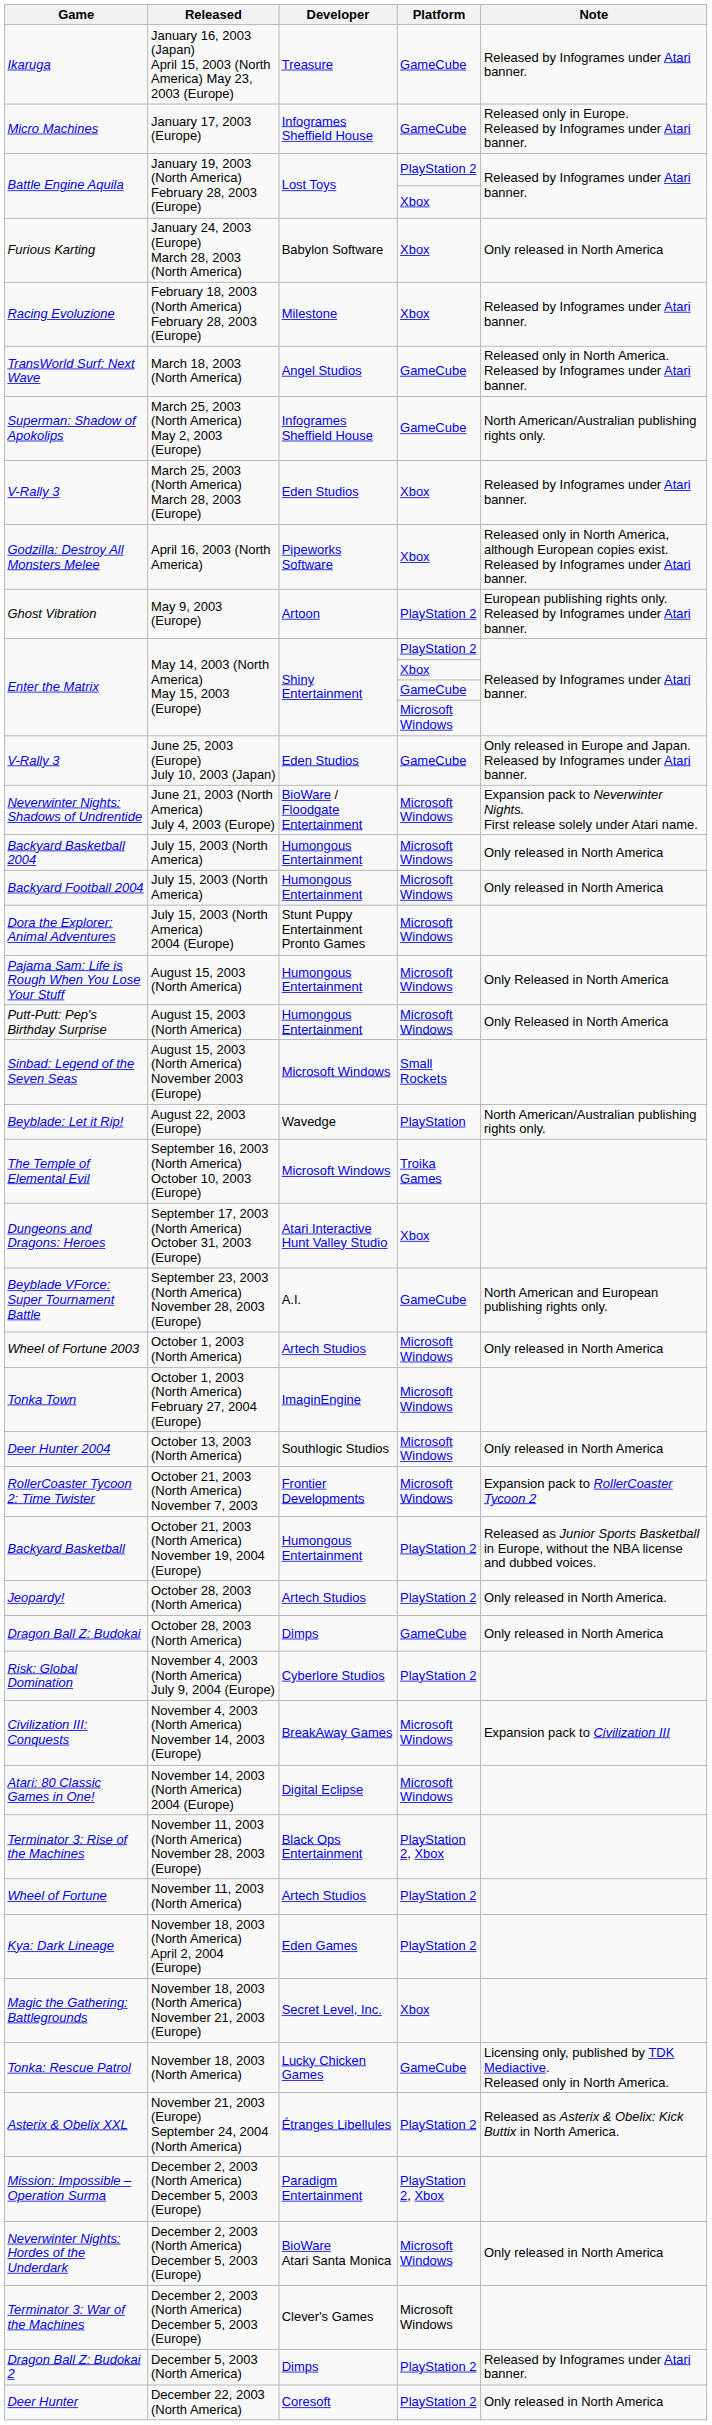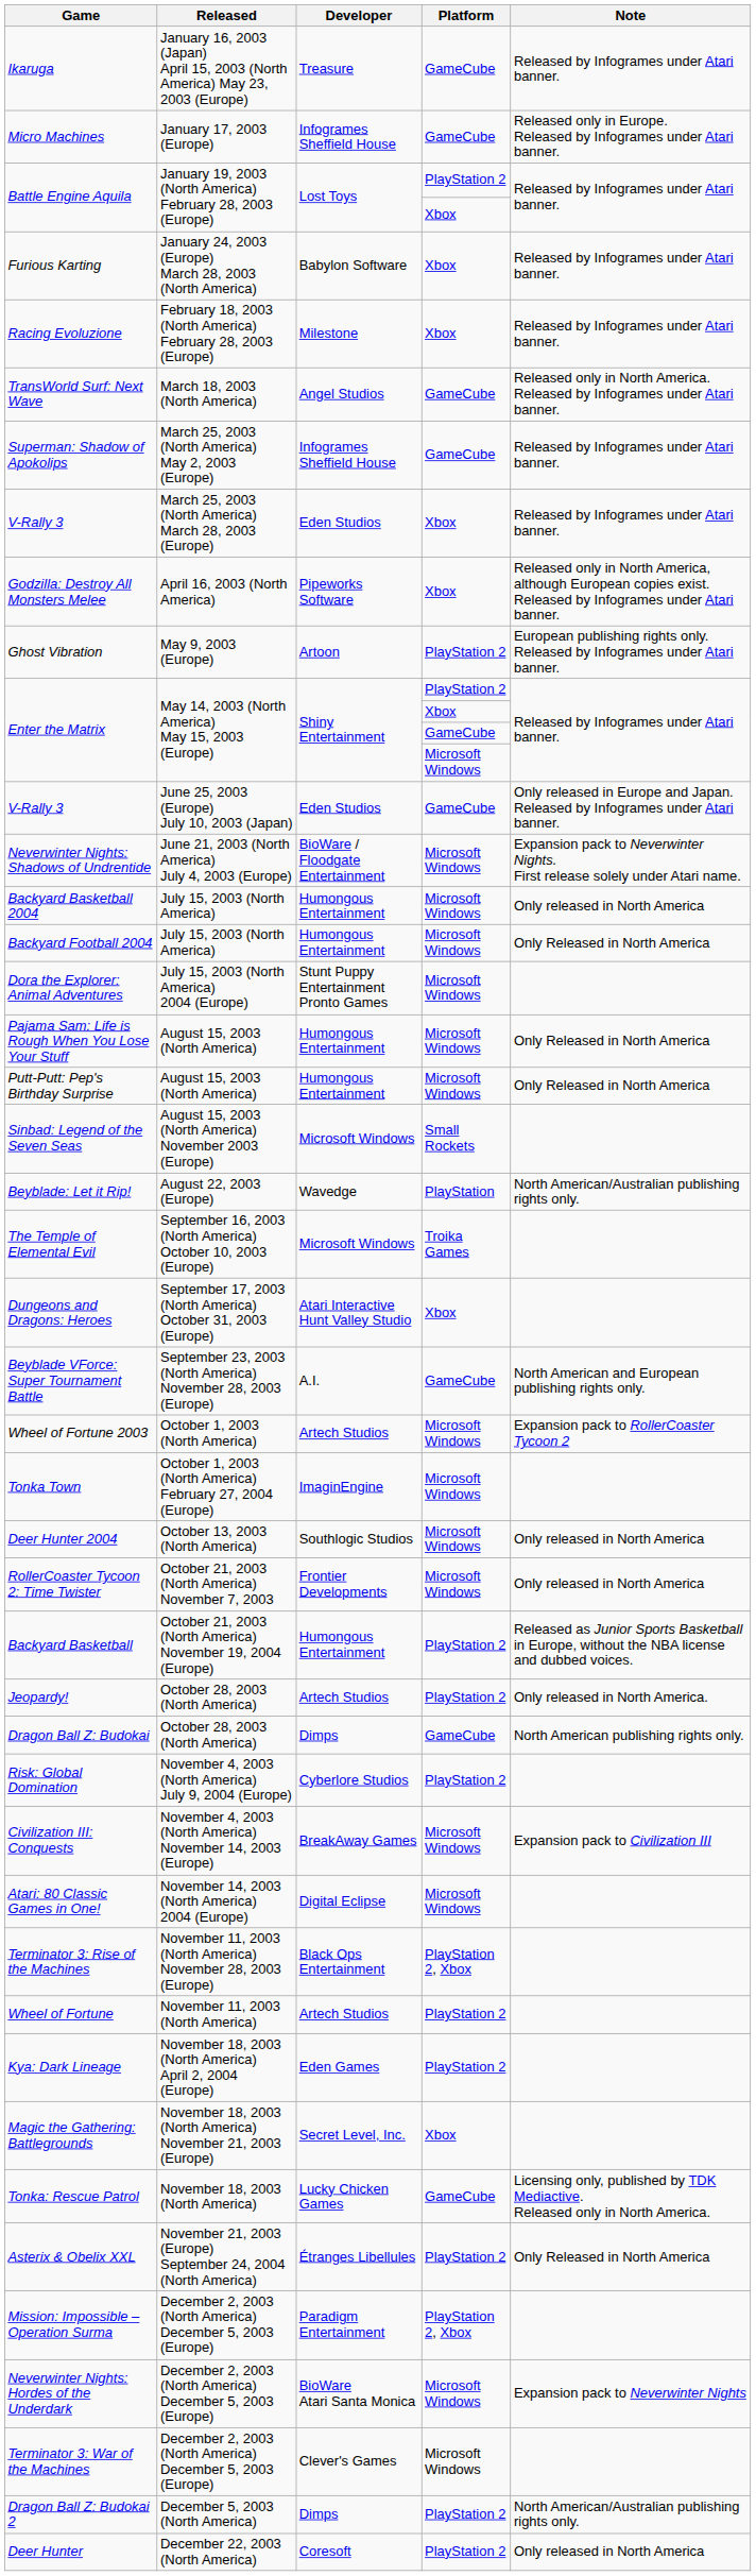 <table class="wikitable sortable">
 <tr>
 <th>Game</th>
 <th>Released</th>
 <th>Developer</th>
 <th>Platform</th>
 <th>Note</th>
 </tr>
 <tr>
 <td><em><a href='#'>Ikaruga</a></em></td>
 <td>January 16, 2003 (Japan)<br>April 15, 2003 (North America) May 23, 2003 (Europe)</td>
 <td><a href='#'>Treasure</a></td>
 <td><a href='#'>GameCube</a></td>
 <td>Released by Infogrames under <a href='#'>Atari</a> banner.</td>
 </tr>
 <tr>
 <td><em><a href='#'>Micro Machines</a></em></td>
 <td>January 17, 2003 (Europe)</td>
 <td><a href='#'>Infogrames Sheffield House</a></td>
 <td><a href='#'>GameCube</a></td>
 <td>Released only in Europe.<br>Released by Infogrames under <a href='#'>Atari</a> banner.</td>
 </tr>
 <tr>
 <td rowspan="2"><em><a href='#'>Battle Engine Aquila</a></em></td>
 <td rowspan="2">January 19, 2003 (North America)<br>February 28, 2003 (Europe)</td>
 <td rowspan="2"><a href='#'>Lost Toys</a></td>
 <td><a href='#'>PlayStation 2</a></td>
 <td rowspan="2">Released by Infogrames under <a href='#'>Atari</a> banner.</td>
 </tr>
 <tr>
 <td><a href='#'>Xbox</a></td>
 </tr>
 <tr>
 <td><em>Furious Karting</em></td>
 <td>January 24, 2003 (Europe)<br>March 28, 2003 (North America)</td>
 <td>Babylon Software</td>
 <td><a href='#'>Xbox</a></td>
-<td>Only released in North America</td>
+<td>Released by Infogrames under <a href='#'>Atari</a> banner.</td>
 </tr>
 <tr>
 <td><em><a href='#'>Racing Evoluzione</a></em></td>
 <td>February 18, 2003 (North America)<br>February 28, 2003 (Europe)</td>
 <td><a href='#'>Milestone</a></td>
 <td><a href='#'>Xbox</a></td>
 <td>Released by Infogrames under <a href='#'>Atari</a> banner.</td>
 </tr>
 <tr>
 <td><em><a href='#'>TransWorld Surf: Next Wave</a></em></td>
 <td>March 18, 2003 (North America)</td>
 <td><a href='#'>Angel Studios</a></td>
 <td><a href='#'>GameCube</a></td>
 <td>Released only in North America.<br>Released by Infogrames under <a href='#'>Atari</a> banner.</td>
 </tr>
 <tr>
 <td><em><a href='#'>Superman: Shadow of Apokolips</a></em></td>
 <td>March 25, 2003 (North America)<br>May 2, 2003 (Europe)</td>
 <td><a href='#'>Infogrames Sheffield House</a></td>
 <td><a href='#'>GameCube</a></td>
-<td>North American/Australian publishing rights only.</td>
+<td>Released by Infogrames under <a href='#'>Atari</a> banner.</td>
 </tr>
 <tr>
 <td><em><a href='#'>V-Rally 3</a></em></td>
 <td>March 25, 2003 (North America)<br>March 28, 2003 (Europe)</td>
 <td><a href='#'>Eden Studios</a></td>
 <td><a href='#'>Xbox</a></td>
 <td>Released by Infogrames under <a href='#'>Atari</a> banner.</td>
 </tr>
 <tr>
 <td><em><a href='#'>Godzilla: Destroy All Monsters Melee</a></em></td>
 <td>April 16, 2003 (North America)</td>
 <td><a href='#'>Pipeworks Software</a></td>
 <td><a href='#'>Xbox</a></td>
 <td>Released only in North America, although European copies exist.<br>Released by Infogrames under <a href='#'>Atari</a> banner.</td>
 </tr>
 <tr>
 <td><em>Ghost Vibration</em></td>
 <td>May 9, 2003 (Europe)</td>
 <td><a href='#'>Artoon</a></td>
 <td><a href='#'>PlayStation 2</a></td>
 <td>European publishing rights only.<br>Released by Infogrames under <a href='#'>Atari</a> banner.</td>
 </tr>
 <tr>
 <td rowspan="4"><em><a href='#'>Enter the Matrix</a></em></td>
 <td rowspan="4">May 14, 2003 (North America)<br>May 15, 2003 (Europe)</td>
 <td rowspan="4"><a href='#'>Shiny Entertainment</a></td>
 <td><a href='#'>PlayStation 2</a></td>
 <td rowspan="4">Released by Infogrames under <a href='#'>Atari</a> banner.</td>
 </tr>
 <tr>
 <td><a href='#'>Xbox</a></td>
 </tr>
 <tr>
 <td><a href='#'>GameCube</a></td>
 </tr>
 <tr>
 <td><a href='#'>Microsoft Windows</a></td>
 </tr>
 <tr>
 <td><em><a href='#'>V-Rally 3</a></em></td>
 <td>June 25, 2003 (Europe)<br>July 10, 2003 (Japan)</td>
 <td><a href='#'>Eden Studios</a></td>
 <td><a href='#'>GameCube</a></td>
 <td>Only released in Europe and Japan.<br>Released by Infogrames under <a href='#'>Atari</a> banner.</td>
 </tr>
 <tr>
 <td><em><a href='#'>Neverwinter Nights: Shadows of Undrentide</a></em></td>
 <td>June 21, 2003 (North America)<br>July 4, 2003 (Europe)</td>
 <td><a href='#'>BioWare</a> / <a href='#'>Floodgate Entertainment</a></td>
 <td><a href='#'>Microsoft Windows</a></td>
 <td>Expansion pack to <em>Neverwinter Nights.</em><br>First release solely under Atari name.</td>
 </tr>
 <tr>
 <td><em><a href='#'>Backyard Basketball 2004</a></em></td>
 <td>July 15, 2003 (North America)</td>
 <td><a href='#'>Humongous Entertainment</a></td>
 <td><a href='#'>Microsoft Windows</a></td>
 <td>Only released in North America</td>
 </tr>
 <tr>
 <td><em><a href='#'>Backyard Football 2004</a></em></td>
 <td>July 15, 2003 (North America)</td>
 <td><a href='#'>Humongous Entertainment</a></td>
 <td><a href='#'>Microsoft Windows</a></td>
-<td>Only released in North America</td>
+<td>Only Released in North America</td>
 </tr>
 <tr>
 <td><em><a href='#'>Dora the Explorer: Animal Adventures</a></em></td>
 <td>July 15, 2003 (North America)<br>2004 (Europe)</td>
 <td>Stunt Puppy Entertainment<br>Pronto Games</td>
 <td><a href='#'>Microsoft Windows</a></td>
 <td></td>
 </tr>
 <tr>
 <td><em><a href='#'>Pajama Sam: Life is Rough When You Lose Your Stuff</a></em></td>
 <td>August 15, 2003 (North America)</td>
 <td><a href='#'>Humongous Entertainment</a></td>
 <td><a href='#'>Microsoft Windows</a></td>
 <td>Only Released in North America</td>
 </tr>
 <tr>
 <td><em>Putt-Putt: Pep's Birthday Surprise</em></td>
 <td>August 15, 2003 (North America)</td>
 <td><a href='#'>Humongous Entertainment</a></td>
 <td><a href='#'>Microsoft Windows</a></td>
 <td>Only Released in North America</td>
 </tr>
 <tr>
 <td><em><a href='#'>Sinbad: Legend of the Seven Seas</a></em></td>
 <td>August 15, 2003 (North America)<br>November 2003 (Europe)</td>
 <td><a href='#'>Microsoft Windows</a></td>
 <td><a href='#'>Small Rockets</a></td>
 <td></td>
 </tr>
 <tr>
 <td><em><a href='#'>Beyblade: Let it Rip!</a></em></td>
 <td>August 22, 2003 (Europe)</td>
 <td>Wavedge</td>
 <td><a href='#'>PlayStation</a></td>
 <td>North American/Australian publishing rights only.</td>
 </tr>
 <tr>
 <td><em><a href='#'>The Temple of Elemental Evil</a></em></td>
 <td>September 16, 2003 (North America)<br>October 10, 2003 (Europe)</td>
 <td><a href='#'>Microsoft Windows</a></td>
 <td><a href='#'>Troika Games</a></td>
 <td></td>
 </tr>
 <tr>
 <td><em><a href='#'>Dungeons and Dragons: Heroes</a></em></td>
 <td>September 17, 2003 (North America)<br>October 31, 2003 (Europe)</td>
 <td><a href='#'>Atari Interactive Hunt Valley Studio</a></td>
 <td><a href='#'>Xbox</a></td>
 <td></td>
 </tr>
 <tr>
 <td><em><a href='#'>Beyblade VForce: Super Tournament Battle</a></em></td>
 <td>September 23, 2003 (North America)<br>November 28, 2003 (Europe)</td>
 <td>A.I.</td>
 <td><a href='#'>GameCube</a></td>
 <td>North American and European publishing rights only.</td>
 </tr>
 <tr>
 <td><em>Wheel of Fortune 2003</em></td>
 <td>October 1, 2003 (North America)</td>
 <td><a href='#'>Artech Studios</a></td>
 <td><a href='#'>Microsoft Windows</a></td>
-<td>Only released in North America</td>
+<td>Expansion pack to <em><a href='#'>RollerCoaster Tycoon 2</a></em></td>
 </tr>
 <tr>
 <td><em><a href='#'>Tonka Town</a></em></td>
 <td>October 1, 2003 (North America)<br>February 27, 2004 (Europe)</td>
 <td><a href='#'>ImaginEngine</a></td>
 <td><a href='#'>Microsoft Windows</a></td>
 <td></td>
 </tr>
 <tr>
 <td><em><a href='#'>Deer Hunter 2004</a></em></td>
 <td>October 13, 2003 (North America)</td>
 <td>Southlogic Studios</td>
 <td><a href='#'>Microsoft Windows</a></td>
 <td>Only released in North America</td>
 </tr>
 <tr>
 <td><em><a href='#'>RollerCoaster Tycoon 2: Time Twister</a></em></td>
 <td>October 21, 2003 (North America)<br>November 7, 2003</td>
 <td><a href='#'>Frontier Developments</a></td>
 <td><a href='#'>Microsoft Windows</a></td>
-<td>Expansion pack to <em><a href='#'>RollerCoaster Tycoon 2</a></em></td>
+<td>Only released in North America</td>
 </tr>
 <tr>
 <td><em><a href='#'>Backyard Basketball</a></em></td>
 <td>October 21, 2003 (North America)<br>November 19, 2004 (Europe)</td>
 <td><a href='#'>Humongous Entertainment</a></td>
 <td><a href='#'>PlayStation 2</a></td>
 <td>Released as <em>Junior Sports Basketball</em> in Europe, without the NBA license and dubbed voices.</td>
 </tr>
 <tr>
 <td><em><a href='#'>Jeopardy!</a></em></td>
 <td>October 28, 2003 (North America)</td>
 <td><a href='#'>Artech Studios</a></td>
 <td><a href='#'>PlayStation 2</a></td>
 <td>Only released in North America.</td>
 </tr>
 <tr>
 <td><em><a href='#'>Dragon Ball Z: Budokai</a></em></td>
 <td>October 28, 2003 (North America)</td>
 <td><a href='#'>Dimps</a></td>
 <td><a href='#'>GameCube</a></td>
-<td>Only released in North America</td>
+<td>North American publishing rights only.</td>
 </tr>
 <tr>
 <td><em><a href='#'>Risk: Global Domination</a></em></td>
 <td>November 4, 2003 (North America)<br>July 9, 2004 (Europe)</td>
 <td><a href='#'>Cyberlore Studios</a></td>
 <td><a href='#'>PlayStation 2</a></td>
 <td></td>
 </tr>
 <tr>
 <td><em><a href='#'>Civilization III: Conquests</a></em></td>
 <td>November 4, 2003 (North America)<br>November 14, 2003 (Europe)</td>
 <td><a href='#'>BreakAway Games</a></td>
 <td><a href='#'>Microsoft Windows</a></td>
 <td>Expansion pack to <em><a href='#'>Civilization III</a></em></td>
 </tr>
 <tr>
 <td><em><a href='#'>Atari: 80 Classic Games in One!</a></em></td>
 <td>November 14, 2003 (North America)<br>2004 (Europe)</td>
 <td><a href='#'>Digital Eclipse</a></td>
 <td><a href='#'>Microsoft Windows</a></td>
 </tr>
 <tr>
 <td><em><a href='#'>Terminator 3: Rise of the Machines</a></em></td>
 <td>November 11, 2003 (North America)<br>November 28, 2003 (Europe)</td>
 <td><a href='#'>Black Ops Entertainment</a></td>
 <td><a href='#'>PlayStation 2</a>, <a href='#'>Xbox</a></td>
 <td></td>
 </tr>
 <tr>
 <td><em><a href='#'>Wheel of Fortune</a></em></td>
 <td>November 11, 2003 (North America)</td>
 <td><a href='#'>Artech Studios</a></td>
 <td><a href='#'>PlayStation 2</a></td>
 <td></td>
 </tr>
 <tr>
 <td><em><a href='#'>Kya: Dark Lineage</a></em></td>
 <td>November 18, 2003 (North America)<br>April 2, 2004 (Europe)</td>
 <td><a href='#'>Eden Games</a></td>
 <td><a href='#'>PlayStation 2</a></td>
 <td></td>
 </tr>
 <tr>
 <td><em><a href='#'>Magic the Gathering: Battlegrounds</a></em></td>
 <td>November 18, 2003 (North America)<br>November 21, 2003 (Europe)</td>
 <td><a href='#'>Secret Level, Inc.</a></td>
 <td><a href='#'>Xbox</a></td>
 <td></td>
 </tr>
 <tr>
 <td><em><a href='#'>Tonka: Rescue Patrol</a></em></td>
 <td>November 18, 2003 (North America)</td>
 <td><a href='#'>Lucky Chicken Games</a></td>
 <td><a href='#'>GameCube</a></td>
 <td>Licensing only, published by <a href='#'>TDK Mediactive</a>.<br>Released only in North America.</td>
 </tr>
 <tr>
 <td><em><a href='#'>Asterix & Obelix XXL</a></em></td>
 <td>November 21, 2003 (Europe)<br>September 24, 2004 (North America)</td>
 <td><a href='#'>Étranges Libellules</a></td>
 <td><a href='#'>PlayStation 2</a></td>
-<td>Released as <em>Asterix & Obelix: Kick Buttix</em> in North America.</td>
+<td>Only Released in North America</td>
 </tr>
 <tr>
 <td><em><a href='#'>Mission: Impossible – Operation Surma</a></em></td>
 <td>December 2, 2003 (North America)<br>December 5, 2003 (Europe)</td>
 <td><a href='#'>Paradigm Entertainment</a></td>
 <td><a href='#'>PlayStation 2</a>, <a href='#'>Xbox</a></td>
 <td></td>
 </tr>
 <tr>
 <td><em><a href='#'>Neverwinter Nights: Hordes of the Underdark</a></em></td>
 <td>December 2, 2003 (North America)<br>December 5, 2003 (Europe)</td>
 <td><a href='#'>BioWare</a><br>Atari Santa Monica</td>
 <td><a href='#'>Microsoft Windows</a></td>
-<td>Only released in North America</td>
+<td>Expansion pack to <em><a href='#'>Neverwinter Nights</a></em></td>
 </tr>
 <tr>
 <td><em><a href='#'>Terminator 3: War of the Machines</a></em></td>
 <td>December 2, 2003 (North America)<br>December 5, 2003 (Europe)</td>
 <td>Clever's Games</td>
 <td>Microsoft Windows</td>
 <td></td>
 </tr>
 <tr>
 <td><em><a href='#'>Dragon Ball Z: Budokai 2</a></em></td>
 <td>December 5, 2003 (North America)</td>
 <td><a href='#'>Dimps</a></td>
 <td><a href='#'>PlayStation 2</a></td>
-<td>Released by Infogrames under <a href='#'>Atari</a> banner.</td>
+<td>North American/Australian publishing rights only.</td>
 </tr>
 <tr>
 <td><em><a href='#'>Deer Hunter</a></em></td>
 <td>December 22, 2003 (North America)</td>
 <td><a href='#'>Coresoft</a></td>
 <td><a href='#'>PlayStation 2</a></td>
 <td>Only released in North America</td>
 </tr>
 </table>
